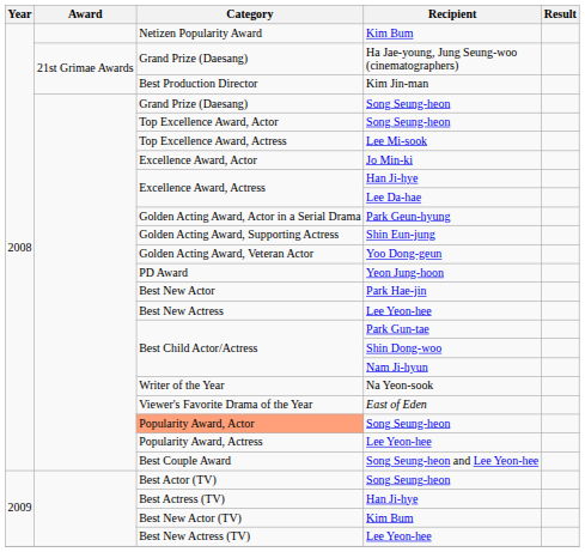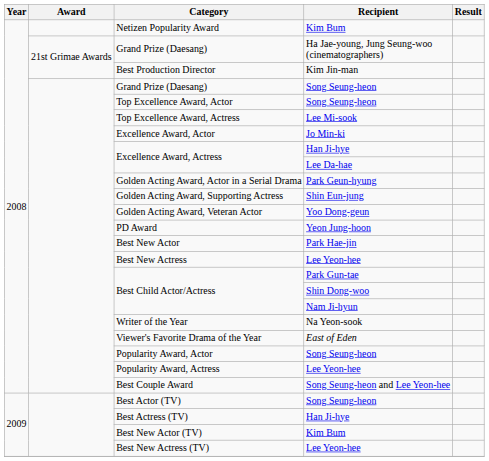 <table class="wikitable">
 <tr>
 <th>Year</th>
 <th>Award</th>
 <th>Category</th>
 <th>Recipient</th>
 <th>Result</th>
 </tr>
 <tr>
 <td rowspan=23>2008</td>
 <td></td>
 <td>Netizen Popularity Award</td>
 <td><a href='#'>Kim Bum</a></td>
 <td></td>
 </tr>
 <tr>
 <td rowspan=2 style="text-align:center;">21st Grimae Awards</td>
 <td>Grand Prize (Daesang)</td>
 <td>Ha Jae-young, Jung Seung-woo <br> (cinematographers)</td>
 <td></td>
 </tr>
 <tr>
 <td>Best Production Director</td>
 <td>Kim Jin-man</td>
 <td></td>
 </tr>
 <tr>
 <td rowspan=20></td>
 <td>Grand Prize (Daesang)</td>
 <td><a href='#'>Song Seung-heon</a></td>
 <td></td>
 </tr>
 <tr>
 <td>Top Excellence Award, Actor</td>
 <td><a href='#'>Song Seung-heon</a></td>
 <td></td>
 </tr>
 <tr>
 <td>Top Excellence Award, Actress</td>
 <td><a href='#'>Lee Mi-sook</a></td>
 <td></td>
 </tr>
 <tr>
 <td>Excellence Award, Actor</td>
 <td><a href='#'>Jo Min-ki</a></td>
 <td></td>
 </tr>
 <tr>
 <td rowspan=2>Excellence Award, Actress</td>
 <td><a href='#'>Han Ji-hye</a></td>
 <td></td>
 </tr>
 <tr>
 <td><a href='#'>Lee Da-hae</a></td>
 <td></td>
 </tr>
 <tr>
 <td>Golden Acting Award, Actor in a Serial Drama</td>
 <td><a href='#'>Park Geun-hyung</a></td>
 <td></td>
 </tr>
 <tr>
 <td>Golden Acting Award, Supporting Actress</td>
 <td><a href='#'>Shin Eun-jung</a></td>
 <td></td>
 </tr>
 <tr>
 <td>Golden Acting Award, Veteran Actor</td>
 <td><a href='#'>Yoo Dong-geun</a></td>
 <td></td>
 </tr>
 <tr>
 <td>PD Award</td>
 <td><a href='#'>Yeon Jung-hoon</a></td>
 <td></td>
 </tr>
 <tr>
 <td>Best New Actor</td>
 <td><a href='#'>Park Hae-jin</a></td>
 <td></td>
 </tr>
 <tr>
 <td>Best New Actress</td>
 <td><a href='#'>Lee Yeon-hee</a></td>
 <td></td>
 </tr>
 <tr>
 <td rowspan=3>Best Child Actor/Actress</td>
 <td><a href='#'>Park Gun-tae</a></td>
 <td></td>
 </tr>
 <tr>
 <td><a href='#'>Shin Dong-woo</a></td>
 <td></td>
 </tr>
 <tr>
 <td><a href='#'>Nam Ji-hyun</a></td>
 <td></td>
 </tr>
 <tr>
 <td>Writer of the Year</td>
 <td>Na Yeon-sook</td>
 <td></td>
 </tr>
 <tr>
 <td>Viewer's Favorite Drama of the Year</td>
 <td><em>East of Eden</em></td>
 <td></td>
 </tr>
 <tr>
-<td style="background: lightsalmon;">Popularity Award, Actor</td>
+<td>Popularity Award, Actor</td>
 <td><a href='#'>Song Seung-heon</a></td>
 <td></td>
 </tr>
 <tr>
 <td>Popularity Award, Actress</td>
 <td><a href='#'>Lee Yeon-hee</a></td>
 <td></td>
 </tr>
 <tr>
 <td>Best Couple Award</td>
 <td><a href='#'>Song Seung-heon</a> and <a href='#'>Lee Yeon-hee</a></td>
 <td></td>
 </tr>
 <tr>
 <td rowspan=4>2009</td>
 <td rowspan=4></td>
 <td>Best Actor (TV)</td>
 <td><a href='#'>Song Seung-heon</a></td>
 <td></td>
 </tr>
 <tr>
 <td>Best Actress (TV)</td>
 <td><a href='#'>Han Ji-hye</a></td>
 <td></td>
 </tr>
 <tr>
 <td>Best New Actor (TV)</td>
 <td><a href='#'>Kim Bum</a></td>
 <td></td>
 </tr>
 <tr>
 <td>Best New Actress (TV)</td>
 <td><a href='#'>Lee Yeon-hee</a></td>
 <td></td>
 </tr>
 <tr>
 </tr>
 </table>
